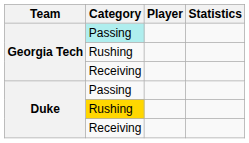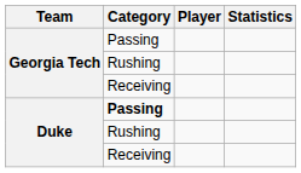 <table class="wikitable" style="float:right">
 <tr>
 <th>Team</th>
 <th>Category</th>
 <th>Player</th>
 <th>Statistics</th>
 </tr>
 <tr>
 <th rowspan=3>Georgia Tech</th>
-<td style="background: paleturquoise;">Passing</td>
+<td>Passing</td>
 <td></td>
 <td></td>
 </tr>
 <tr>
 <td>Rushing</td>
 <td></td>
 <td></td>
 </tr>
 <tr>
 <td>Receiving</td>
 <td></td>
 <td></td>
 </tr>
 <tr>
 <th rowspan=3>Duke</th>
-<td>Passing</td>
+<td><strong>Passing</strong></td>
 <td></td>
 <td></td>
 </tr>
 <tr>
-<td style="background: gold;">Rushing</td>
+<td>Rushing</td>
 <td></td>
 <td></td>
 </tr>
 <tr>
 <td>Receiving</td>
 <td></td>
 <td></td>
 </tr>
 </table>
